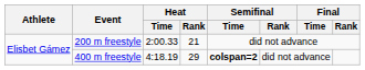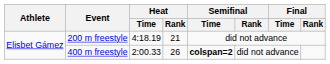 <table class=wikitable style="font-size:90%">
 <tr>
 <th rowspan="2">Athlete</th>
 <th rowspan="2">Event</th>
 <th colspan="2">Heat</th>
 <th colspan="2">Semifinal</th>
 <th colspan="2">Final</th>
 </tr>
 <tr style="font-size:95%">
 <th>Time</th>
 <th>Rank</th>
 <th>Time</th>
 <th>Rank</th>
 <th>Time</th>
 <th>Rank</th>
 </tr>
 <tr align=center>
 <td align=left rowspan=2><a href='#'>Elisbet Gámez</a></td>
 <td align=left><a href='#'>200 m freestyle</a></td>
-<td>2:00.33</td>
+<td>4:18.19</td>
 <td>21</td>
 <td colspan=4>did not advance</td>
 </tr>
 <tr align=center>
 <td align=left><a href='#'>400 m freestyle</a></td>
-<td>4:18.19</td>
-<td>29</td>
+<td>2:00.33</td>
+<td>26</td>
 <td><strong>colspan=2</strong></td>
 <td colspan=2>did not advance</td>
 </tr>
 </table>
